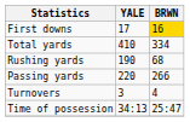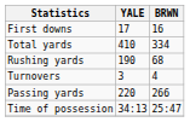 <table class="wikitable">
 <tr>
 <th>Statistics</th>
 <th>YALE</th>
 <th>BRWN</th>
 </tr>
 <tr>
 <td>First downs</td>
 <td>17</td>
-<td style="background: gold;">16</td>
+<td>16</td>
 </tr>
 <tr>
 <td>Total yards</td>
 <td>410</td>
 <td>334</td>
 </tr>
 <tr>
 <td>Rushing yards</td>
 <td>190</td>
 <td>68</td>
 </tr>
 <tr>
+<td>Turnovers</td>
+<td>3</td>
+<td>4</td>
+</tr>
+<tr>
 <td>Passing yards</td>
 <td>220</td>
 <td>266</td>
-</tr>
-<tr>
-<td>Turnovers</td>
-<td>3</td>
-<td>4</td>
 </tr>
 <tr>
 <td>Time of possession</td>
 <td>34:13</td>
 <td>25:47</td>
 </tr>
 <tr>
 </tr>
 </table>
